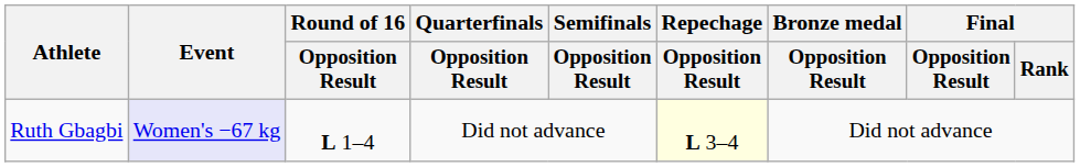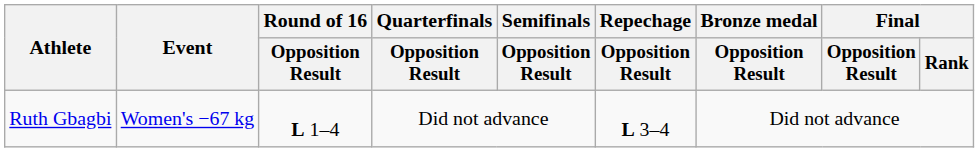 <table class="wikitable" style="font-size:90%">
 <tr>
 <th rowspan=2>Athlete</th>
 <th rowspan=2>Event</th>
 <th>Round of 16</th>
 <th>Quarterfinals</th>
 <th>Semifinals</th>
 <th>Repechage</th>
 <th>Bronze medal</th>
 <th colspan=2>Final</th>
 </tr>
 <tr style="font-size:95%">
 <th>Opposition<br>Result</th>
 <th>Opposition<br>Result</th>
 <th>Opposition<br>Result</th>
 <th>Opposition<br>Result</th>
 <th>Opposition<br>Result</th>
 <th>Opposition<br>Result</th>
 <th>Rank</th>
 </tr>
 <tr align=center>
 <td align=left><a href='#'>Ruth Gbagbi</a></td>
-<td align=left style="background: lavender;"><a href='#'>Women's −67 kg</a></td>
+<td align=left><a href='#'>Women's −67 kg</a></td>
 <td><br><strong>L</strong> 1–4</td>
 <td colspan=2>Did not advance</td>
-<td style="background: lightyellow;"><br><strong>L</strong> 3–4</td>
+<td><br><strong>L</strong> 3–4</td>
 <td colspan=3>Did not advance</td>
 </tr>
 </table>
